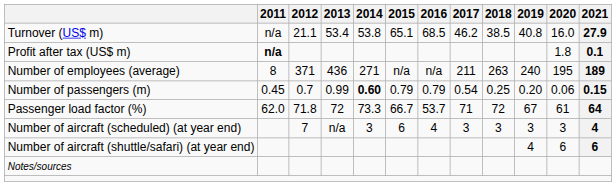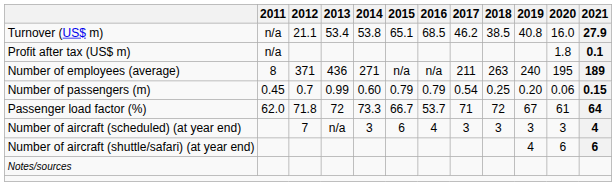 <table class="wikitable" style="margin:auto;">
 <tr style="text-align:center;">
 <th></th>
 <th>2011</th>
 <th>2012</th>
 <th>2013</th>
 <th>2014</th>
 <th>2015</th>
 <th>2016</th>
 <th>2017</th>
 <th>2018</th>
 <th>2019</th>
 <th>2020</th>
 <th>2021</th>
 </tr>
 <tr>
 <td>Turnover (<a href='#'>US$</a> m)</td>
 <td align=center>n/a</td>
 <td align=center>21.1</td>
 <td align=center>53.4</td>
 <td align=center>53.8</td>
 <td align=center>65.1</td>
 <td align=center>68.5</td>
 <td align=center>46.2</td>
 <td align=center>38.5</td>
 <td align=center>40.8</td>
 <td align=center>16.0</td>
 <th align=center>27.9</th>
 </tr>
 <tr>
 <td>Profit after tax (US$  m)</td>
-<td align=center><strong>n/a</strong></td>
+<td align=center>n/a</td>
 <td align=center></td>
 <td align=center></td>
 <td align=center></td>
 <td align=center></td>
 <td align=center></td>
 <td align=center></td>
 <td align=center></td>
 <td align=center></td>
 <td align=center>1.8</td>
 <th align=center>0.1</th>
 </tr>
 <tr>
 <td>Number of employees (average)</td>
 <td align=center>8</td>
 <td align=center>371</td>
 <td align=center>436</td>
 <td align=center>271</td>
 <td align=center>n/a</td>
 <td align=center>n/a</td>
 <td align=center>211</td>
 <td align=center>263</td>
 <td align=center>240</td>
 <td align=center>195</td>
 <th align=center>189</th>
 </tr>
 <tr>
 <td>Number of passengers (m)</td>
 <td align=center>0.45</td>
 <td align=center>0.7</td>
 <td align=center>0.99</td>
-<td align=center><strong>0.60</strong></td>
+<td align=center>0.60</td>
 <td align=center>0.79</td>
 <td align=center>0.79</td>
 <td align=center>0.54</td>
 <td align=center>0.25</td>
 <td align=center>0.20</td>
 <td align=center>0.06</td>
 <th align=center>0.15</th>
 </tr>
 <tr>
 <td>Passenger load factor (%)</td>
 <td align=center>62.0</td>
 <td align=center>71.8</td>
 <td align=center>72</td>
 <td align=center>73.3</td>
 <td align=center>66.7</td>
 <td align=center>53.7</td>
 <td align=center>71</td>
 <td align=center>72</td>
 <td align=center>67</td>
 <td align=center>61</td>
 <th align=center>64</th>
 </tr>
 <tr>
 <td>Number of aircraft (scheduled) (at year end)</td>
 <td align=center></td>
 <td align=center>7</td>
 <td align=center>n/a</td>
 <td align=center>3</td>
 <td align=center>6</td>
 <td align=center>4</td>
 <td align=center>3</td>
 <td align=center>3</td>
 <td align=center>3</td>
 <td align=center>3</td>
 <th align=center>4</th>
 </tr>
 <tr>
 <td>Number of aircraft (shuttle/safari) (at year end)</td>
 <td align=center></td>
 <td align=center></td>
 <td align=center></td>
 <td align=center></td>
 <td align=center></td>
 <td align=center></td>
 <td align=center></td>
 <td align=center></td>
 <td align=center>4</td>
 <td align=center>6</td>
 <th align=center>6</th>
 </tr>
 <tr>
 <td><small><em>Notes/sources</em></small></td>
 <td align=center></td>
 <td align=center></td>
 <td align=center></td>
 <td align=center></td>
 <td align=center></td>
 <td align=center></td>
 <td align=center></td>
 <td align=center></td>
 <td align=center></td>
 <td align=center></td>
 <td align=center></td>
 </tr>
 <tr>
 <td colspan="13" style="text-align:left;"></td>
 </tr>
 </table>
